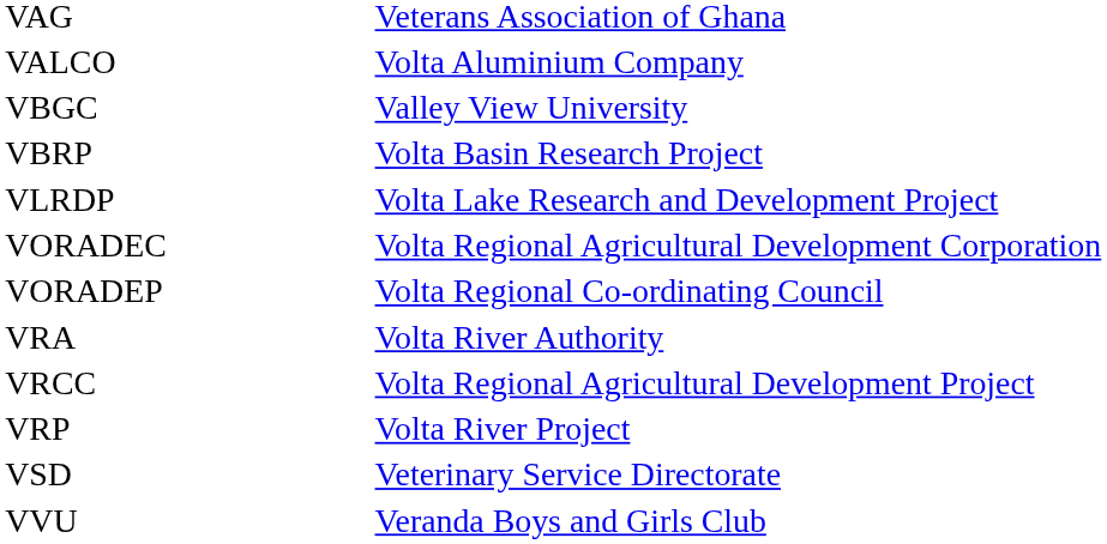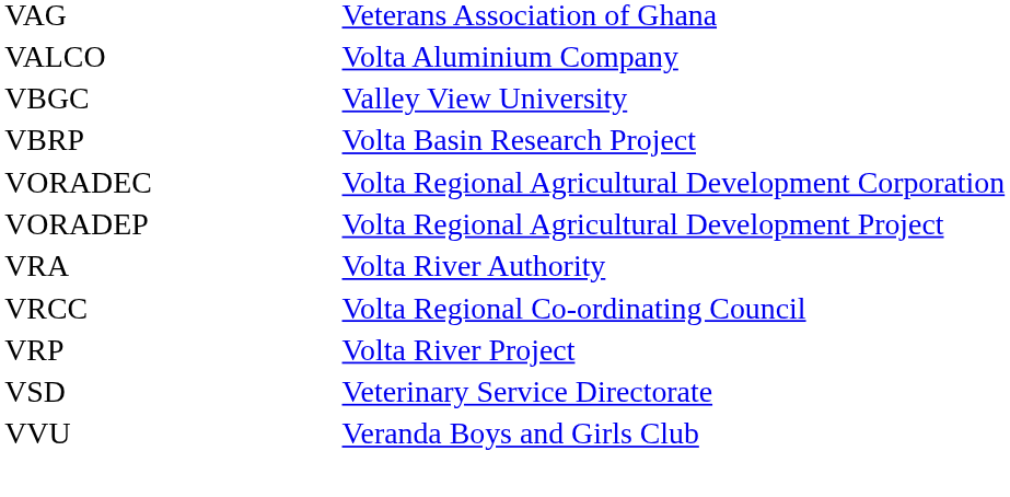 <table width="100%" style="text-verticalalign:top">
 <tr>
 <td width="20%">VAG</td>
 <td width="40%"><a href='#'>Veterans Association of Ghana</a></td>
 <td width="40%"></td>
 </tr>
 <tr>
 <td>VALCO</td>
 <td><a href='#'>Volta Aluminium Company</a></td>
 <td></td>
 </tr>
 <tr>
 <td>VBGC</td>
 <td><a href='#'>Valley View University</a></td>
 <td></td>
 </tr>
 <tr>
 <td>VBRP</td>
 <td><a href='#'>Volta Basin Research Project</a></td>
 <td></td>
 </tr>
 <tr>
-<td>VLRDP</td>
-<td><a href='#'>Volta Lake Research and Development Project</a></td>
-<td></td>
-</tr>
-<tr>
 <td>VORADEC</td>
 <td><a href='#'>Volta Regional Agricultural Development Corporation</a></td>
 <td></td>
 </tr>
 <tr>
 <td>VORADEP</td>
-<td><a href='#'>Volta Regional Co-ordinating Council</a></td>
+<td><a href='#'>Volta Regional Agricultural Development Project</a></td>
 <td></td>
 </tr>
 <tr>
 <td>VRA</td>
 <td><a href='#'>Volta River Authority</a></td>
 <td></td>
 </tr>
 <tr>
 <td>VRCC</td>
-<td><a href='#'>Volta Regional Agricultural Development Project</a></td>
+<td><a href='#'>Volta Regional Co-ordinating Council</a></td>
 <td></td>
 </tr>
 <tr>
 <td>VRP</td>
 <td><a href='#'>Volta River Project</a></td>
 <td></td>
 </tr>
 <tr>
 <td>VSD</td>
 <td><a href='#'>Veterinary Service Directorate</a></td>
 <td></td>
 </tr>
 <tr>
 <td>VVU</td>
 <td><a href='#'>Veranda Boys and Girls Club</a></td>
 <td></td>
 </tr>
 </table>
